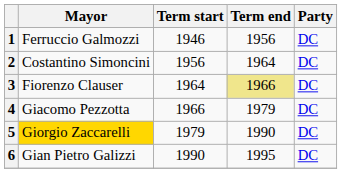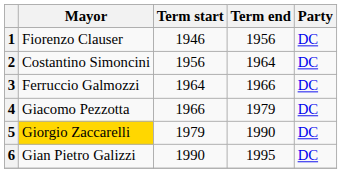 <table class="wikitable">
 <tr>
 <th class=unsortable> </th>
 <th>Mayor</th>
 <th>Term start</th>
 <th>Term end</th>
 <th>Party</th>
 </tr>
 <tr>
 <th style="background:">1</th>
-<td>Ferruccio Galmozzi</td>
+<td>Fiorenzo Clauser</td>
 <td align=center>1946</td>
 <td align=center>1956</td>
 <td><a href='#'>DC</a></td>
 </tr>
 <tr>
 <th style="background:">2</th>
 <td>Costantino Simoncini</td>
 <td align=center>1956</td>
 <td align=center>1964</td>
 <td><a href='#'>DC</a></td>
 </tr>
 <tr>
 <th style="background:">3</th>
-<td>Fiorenzo Clauser</td>
+<td>Ferruccio Galmozzi</td>
 <td align=center>1964</td>
-<td align=center style="background: khaki;">1966</td>
+<td align=center>1966</td>
 <td><a href='#'>DC</a></td>
 </tr>
 <tr>
 <th style="background:">4</th>
 <td>Giacomo Pezzotta</td>
 <td align=center>1966</td>
 <td align=center>1979</td>
 <td><a href='#'>DC</a></td>
 </tr>
 <tr>
 <th style="background:">5</th>
 <td style="background: gold;">Giorgio Zaccarelli</td>
 <td align=center>1979</td>
 <td align=center>1990</td>
 <td><a href='#'>DC</a></td>
 </tr>
 <tr>
 <th style="background:">6</th>
 <td>Gian Pietro Galizzi</td>
 <td align=center>1990</td>
 <td align=center>1995</td>
 <td><a href='#'>DC</a></td>
 </tr>
 <tr>
 </tr>
 </table>
